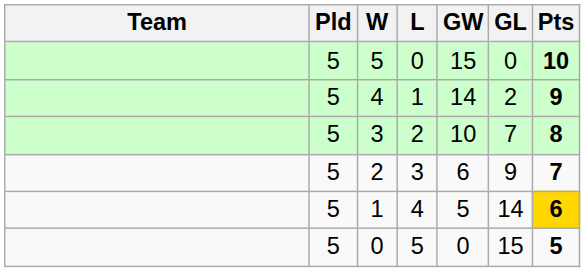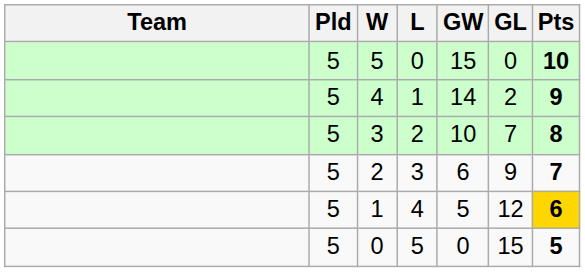 <table class="wikitable" style="text-align:center">
 <tr>
 <th width=200>Team</th>
 <th width=20>Pld</th>
 <th width=20>W</th>
 <th width=20>L</th>
 <th width=20>GW</th>
 <th width=20>GL</th>
 <th width=20>Pts</th>
 </tr>
 <tr bgcolor=ccffcc>
 <td style="text-align:left;"></td>
 <td>5</td>
 <td>5</td>
 <td>0</td>
 <td>15</td>
 <td>0</td>
 <td><strong>10</strong></td>
 </tr>
 <tr bgcolor=ccffcc>
 <td style="text-align:left;"></td>
 <td>5</td>
 <td>4</td>
 <td>1</td>
 <td>14</td>
 <td>2</td>
 <td><strong>9</strong></td>
 </tr>
 <tr bgcolor=ccffcc>
 <td style="text-align:left;"></td>
 <td>5</td>
 <td>3</td>
 <td>2</td>
 <td>10</td>
 <td>7</td>
 <td><strong>8</strong></td>
 </tr>
 <tr>
 <td style="text-align:left;"></td>
 <td>5</td>
 <td>2</td>
 <td>3</td>
 <td>6</td>
 <td>9</td>
 <td><strong>7</strong></td>
 </tr>
 <tr>
 <td style="text-align:left;"></td>
 <td>5</td>
 <td>1</td>
 <td>4</td>
 <td>5</td>
-<td>14</td>
+<td>12</td>
 <td style="background: gold;"><strong>6</strong></td>
 </tr>
 <tr>
 <td style="text-align:left;"></td>
 <td>5</td>
 <td>0</td>
 <td>5</td>
 <td>0</td>
 <td>15</td>
 <td><strong>5</strong></td>
 </tr>
 </table>
